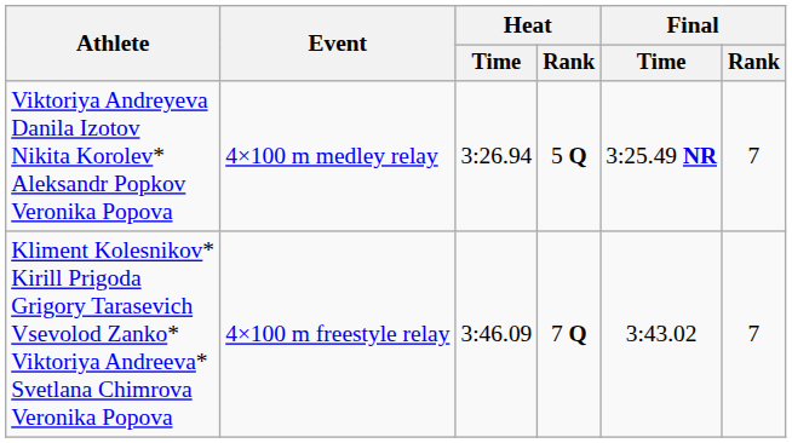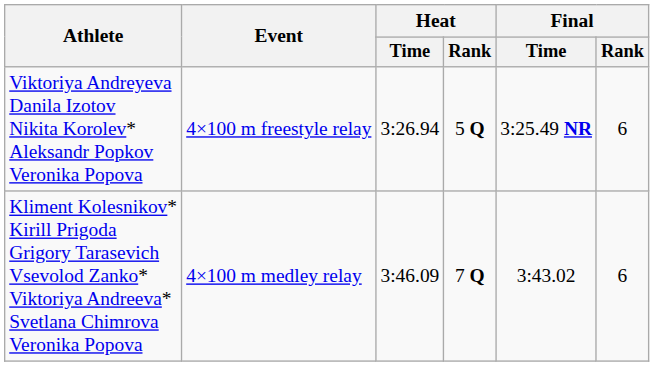 <table class=wikitable style="font-size:90%">
 <tr>
 <th rowspan="2">Athlete</th>
 <th rowspan="2">Event</th>
 <th colspan="2">Heat</th>
 <th colspan="2">Final</th>
 </tr>
 <tr style="font-size:95%">
 <th>Time</th>
 <th>Rank</th>
 <th>Time</th>
 <th>Rank</th>
 </tr>
 <tr align=center>
 <td align=left><a href='#'>Viktoriya Andreyeva</a><br><a href='#'>Danila Izotov</a><br><a href='#'>Nikita Korolev</a>*<br><a href='#'>Aleksandr Popkov</a><br><a href='#'>Veronika Popova</a></td>
-<td align=left><a href='#'>4×100 m medley relay</a></td>
+<td align=left><a href='#'>4×100 m freestyle relay</a></td>
 <td>3:26.94</td>
 <td>5 <strong>Q</strong></td>
 <td>3:25.49 <strong><a href='#'>NR</a></strong></td>
-<td>7</td>
+<td>6</td>
 </tr>
 <tr align=center>
 <td align=left><a href='#'>Kliment Kolesnikov</a>*<br><a href='#'>Kirill Prigoda</a><br><a href='#'>Grigory Tarasevich</a><br><a href='#'>Vsevolod Zanko</a>*<br><a href='#'>Viktoriya Andreeva</a>*<br><a href='#'>Svetlana Chimrova</a><br><a href='#'>Veronika Popova</a></td>
-<td align=left><a href='#'>4×100 m freestyle relay</a></td>
+<td align=left><a href='#'>4×100 m medley relay</a></td>
 <td>3:46.09</td>
 <td>7 <strong>Q</strong></td>
 <td>3:43.02</td>
-<td>7</td>
+<td>6</td>
 </tr>
 </table>
